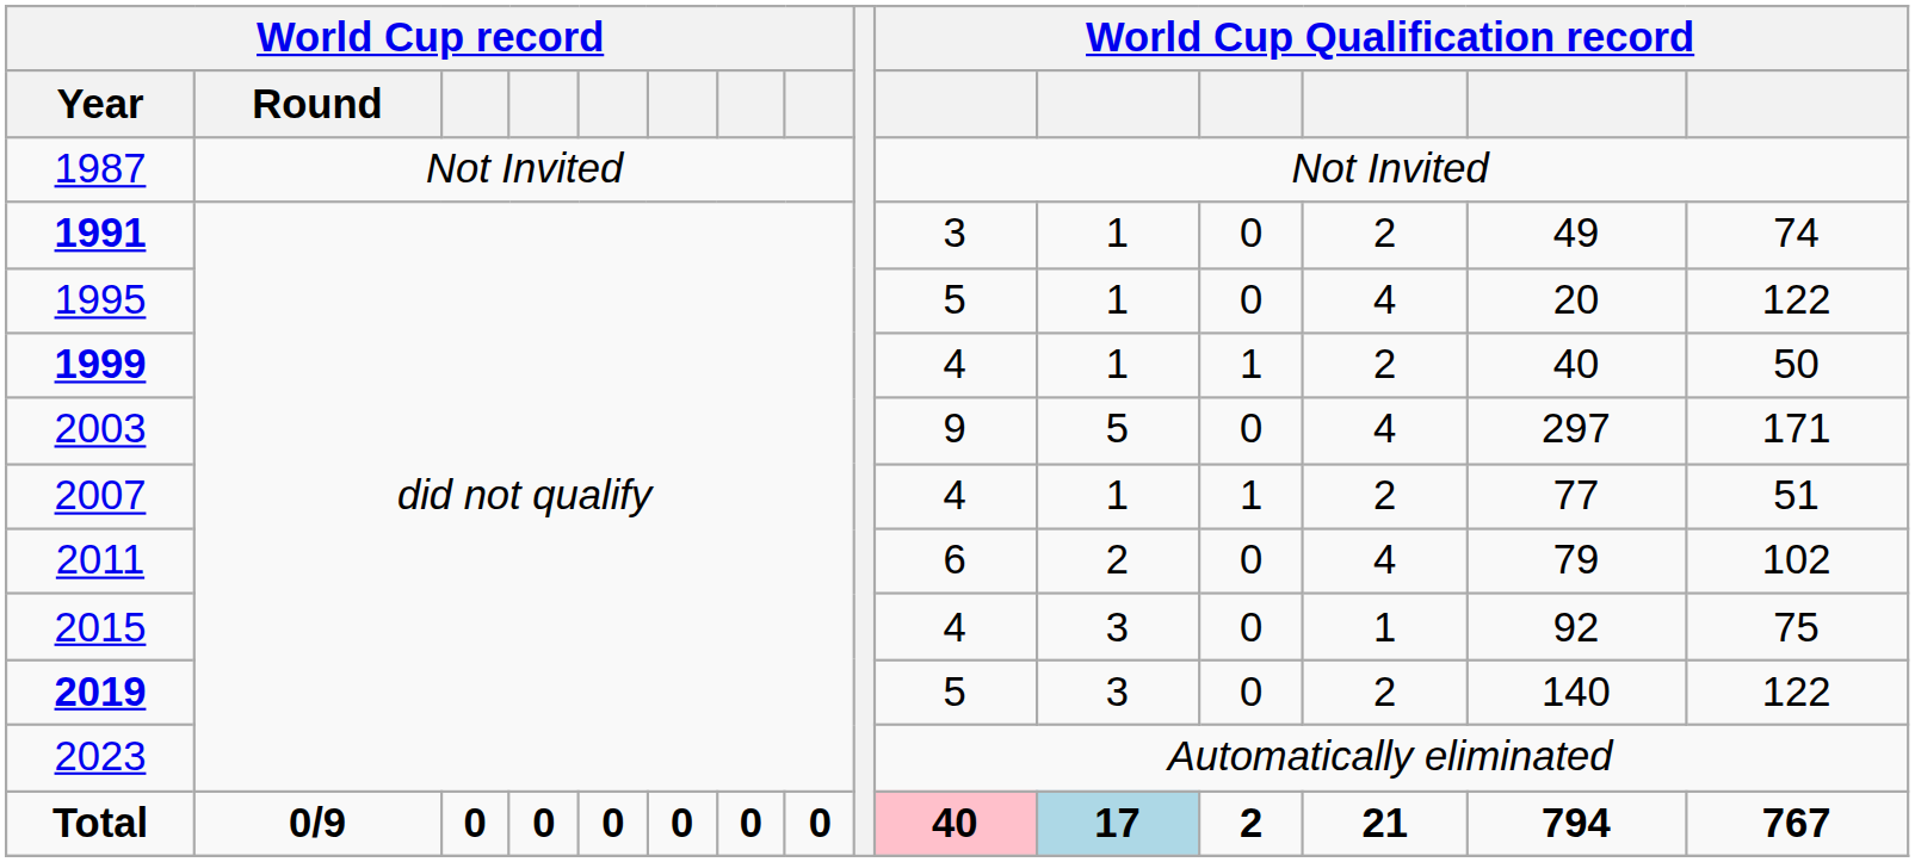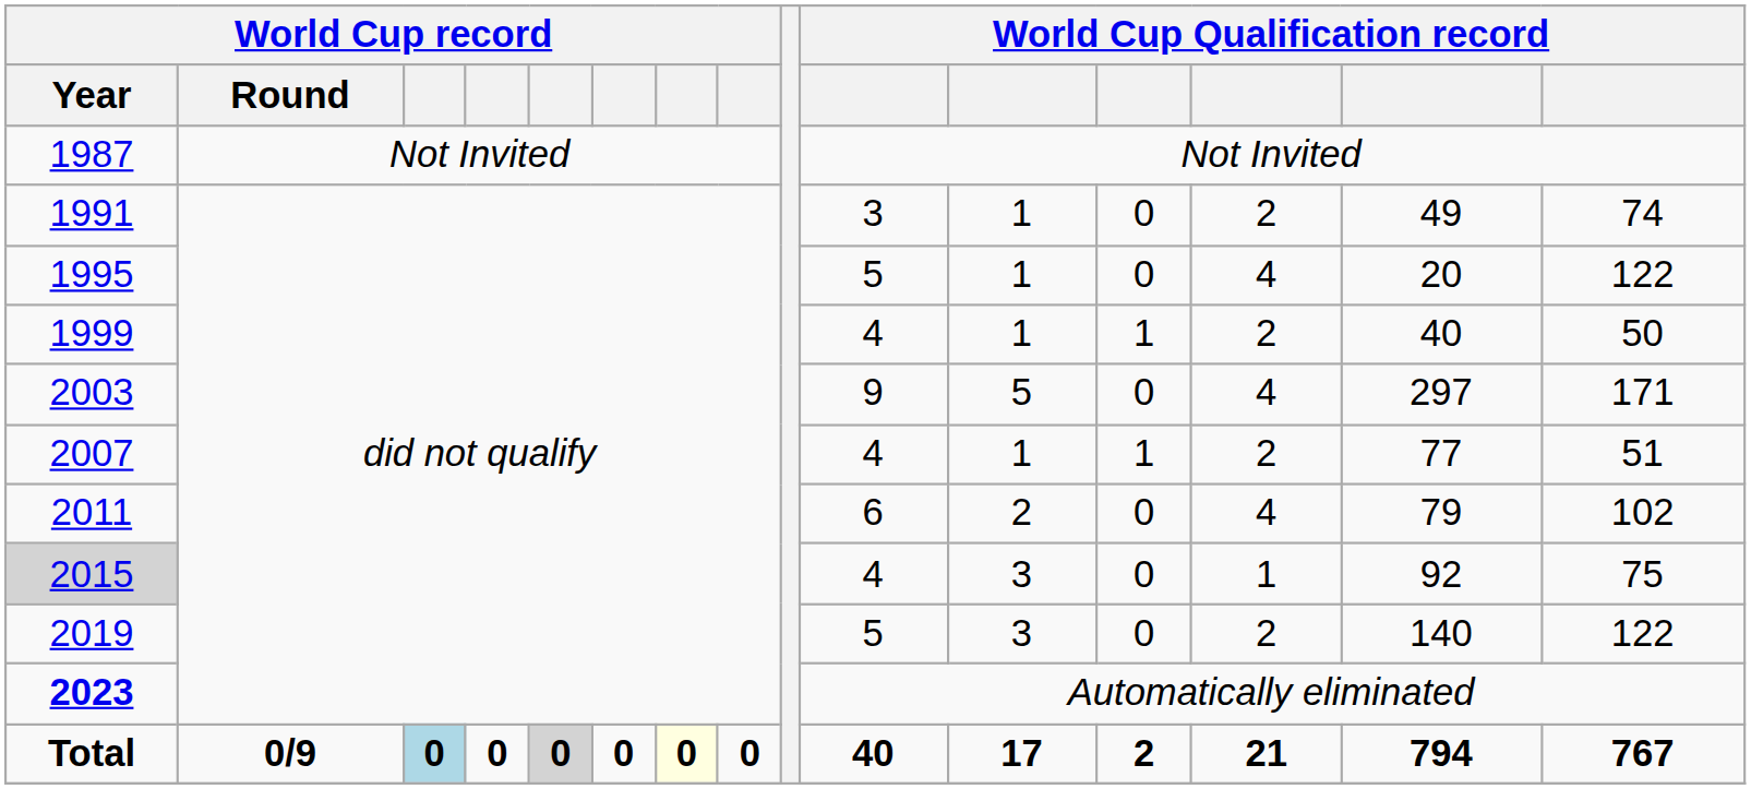 <table class="wikitable" style="text-align: center;">
 <tr>
 <th colspan=8><a href='#'>World Cup record</a></th>
 <th width=1% rowspan=25></th>
 <th colspan=6><a href='#'>World Cup Qualification record</a></th>
 </tr>
 <tr>
 <th>Year</th>
 <th>Round</th>
 <th></th>
 <th></th>
 <th></th>
 <th></th>
 <th></th>
 <th></th>
 <th></th>
 <th></th>
 <th></th>
 <th></th>
 <th></th>
 <th></th>
 </tr>
 <tr>
 <td> <a href='#'>1987</a></td>
 <td colspan=7><em>Not Invited</em></td>
 <td colspan=6><em>Not Invited</em></td>
 </tr>
 <tr>
-<td><strong> <a href='#'>1991</a></strong></td>
+<td> <a href='#'>1991</a></td>
 <td rowspan=9 colspan=7><em>did not qualify</em></td>
 <td>3</td>
 <td>1</td>
 <td>0</td>
 <td>2</td>
 <td>49</td>
 <td>74</td>
 </tr>
 <tr>
 <td> <a href='#'>1995</a></td>
 <td>5</td>
 <td>1</td>
 <td>0</td>
 <td>4</td>
 <td>20</td>
 <td>122</td>
 </tr>
 <tr>
-<td><strong> <a href='#'>1999</a></strong></td>
+<td> <a href='#'>1999</a></td>
 <td>4</td>
 <td>1</td>
 <td>1</td>
 <td>2</td>
 <td>40</td>
 <td>50</td>
 </tr>
 <tr>
 <td> <a href='#'>2003</a></td>
 <td>9</td>
 <td>5</td>
 <td>0</td>
 <td>4</td>
 <td>297</td>
 <td>171</td>
 </tr>
 <tr>
 <td> <a href='#'>2007</a></td>
 <td>4</td>
 <td>1</td>
 <td>1</td>
 <td>2</td>
 <td>77</td>
 <td>51</td>
 </tr>
 <tr>
 <td> <a href='#'>2011</a></td>
 <td>6</td>
 <td>2</td>
 <td>0</td>
 <td>4</td>
 <td>79</td>
 <td>102</td>
 </tr>
 <tr>
-<td> <a href='#'>2015</a></td>
+<td style="background: lightgrey;"> <a href='#'>2015</a></td>
 <td>4</td>
 <td>3</td>
 <td>0</td>
 <td>1</td>
 <td>92</td>
 <td>75</td>
 </tr>
 <tr>
-<td><strong> <a href='#'>2019</a></strong></td>
+<td> <a href='#'>2019</a></td>
 <td>5</td>
 <td>3</td>
 <td>0</td>
 <td>2</td>
 <td>140</td>
 <td>122</td>
 </tr>
 <tr>
-<td> <a href='#'>2023</a></td>
+<td><strong> <a href='#'>2023</a></strong></td>
 <td colspan=6><em>Automatically eliminated</em></td>
 </tr>
 <tr>
 <td><strong>Total</strong></td>
 <td><strong>0/9</strong></td>
+<td style="background: lightblue;"><strong>0</strong></td>
 <td><strong>0</strong></td>
+<td style="background: lightgrey;"><strong>0</strong></td>
 <td><strong>0</strong></td>
+<td style="background: lightyellow;"><strong>0</strong></td>
 <td><strong>0</strong></td>
-<td><strong>0</strong></td>
-<td><strong>0</strong></td>
-<td><strong>0</strong></td>
-<td style="background: pink;"><strong>40</strong></td>
-<td style="background: lightblue;"><strong>17</strong></td>
+<td><strong>40</strong></td>
+<td><strong>17</strong></td>
 <td><strong>2</strong></td>
 <td><strong>21</strong></td>
 <td><strong>794</strong></td>
 <td><strong>767</strong></td>
 </tr>
 <tr>
 </tr>
 </table>
